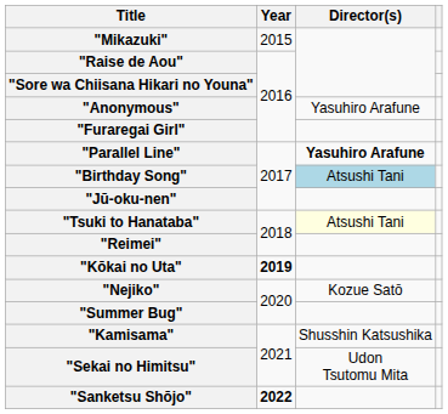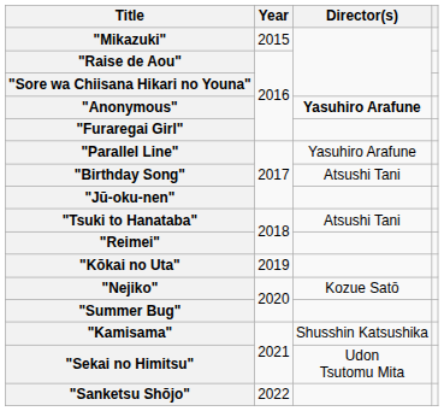 <table class="wikitable plainrowheaders" style="text-align:center;">
 <tr>
 <th scope="col">Title</th>
 <th scope="col">Year</th>
 <th scope="col">Director(s)</th>
 <th scope="col"></th>
 </tr>
 <tr>
 <th scope="row">"Mikazuki"</th>
 <td>2015</td>
 <td rowspan="3"></td>
 <td></td>
 </tr>
 <tr>
 <th scope="row">"Raise de Aou"</th>
 <td rowspan="4">2016</td>
 <td></td>
 </tr>
 <tr>
 <th scope="row">"Sore wa Chiisana Hikari no Youna"</th>
 <td></td>
 </tr>
 <tr>
 <th scope="row">"Anonymous"</th>
-<td>Yasuhiro Arafune</td>
+<td><strong>Yasuhiro Arafune</strong></td>
 <td></td>
 </tr>
 <tr>
 <th scope="row">"Furaregai Girl"</th>
 <td></td>
 <td></td>
 </tr>
 <tr>
 <th scope="row">"Parallel Line"</th>
 <td rowspan="3">2017</td>
-<td><strong>Yasuhiro Arafune</strong></td>
+<td>Yasuhiro Arafune</td>
 <td></td>
 </tr>
 <tr>
 <th scope="row">"Birthday Song"</th>
-<td style="background: lightblue;">Atsushi Tani</td>
+<td>Atsushi Tani</td>
 <td></td>
 </tr>
 <tr>
 <th scope="row">"Jū-oku-nen"</th>
 <td></td>
 <td></td>
 </tr>
 <tr>
 <th scope="row">"Tsuki to Hanataba"</th>
 <td rowspan="2">2018</td>
-<td style="background: lightyellow;">Atsushi Tani</td>
+<td>Atsushi Tani</td>
 <td></td>
 </tr>
 <tr>
 <th scope="row">"Reimei"</th>
 <td></td>
 <td></td>
 </tr>
 <tr>
 <th scope="row">"Kōkai no Uta"</th>
-<td><strong>2019</strong></td>
+<td>2019</td>
 <td></td>
 <td></td>
 </tr>
 <tr>
 <th scope="row">"Nejiko"</th>
 <td rowspan="2">2020</td>
 <td>Kozue Satō</td>
 <td></td>
 </tr>
 <tr>
 <th scope="row">"Summer Bug"</th>
 <td></td>
 <td></td>
 </tr>
 <tr>
 <th scope="row">"Kamisama"</th>
 <td rowspan="2">2021</td>
 <td>Shusshin Katsushika</td>
 <td></td>
 </tr>
 <tr>
 <th scope="row">"Sekai no Himitsu"</th>
 <td>Udon <br>Tsutomu Mita </td>
 <td><br></td>
 </tr>
 <tr>
 <th scope="row">"Sanketsu Shōjo"</th>
-<td><strong>2022</strong></td>
+<td>2022</td>
 <td></td>
 <td></td>
 </tr>
 </table>
